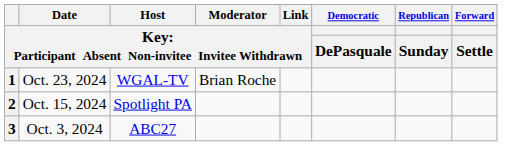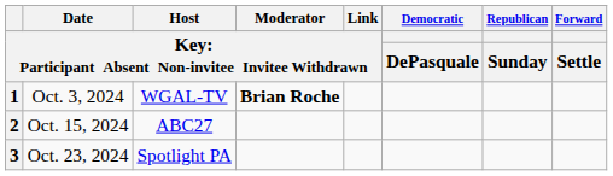 <table class="wikitable" style="text-align:center;">
 <tr style="font-size:small;">
 <th scope="col"></th>
 <th scope="col">Date</th>
 <th scope="col">Host</th>
 <th scope="col">Moderator</th>
 <th scope="col">Link</th>
 <th scope="col"><small><a href='#'>Democratic</a></small></th>
 <th scope="col"><small><a href='#'>Republican</a></small></th>
 <th scope-"col"><small><a href='#'>Forward</a></small></th>
 </tr>
 <tr>
 <th colspan="5" rowspan="2">Key:<br> <small>Participant </small>  <small>Absent </small>  <small>Non-invitee </small>  <small>Invitee  Withdrawn</small></th>
 <th scope="col" style="background:"></th>
 <th scope="col" style="background:"></th>
 <th scope="col" style="background:"></th>
 </tr>
 <tr>
 <th scope="col">DePasquale</th>
 <th scope="col">Sunday</th>
 <th scope="col">Settle</th>
 </tr>
 <tr>
 <th scope="row">1</th>
-<td style="white-space:nowrap;">Oct. 23, 2024</td>
+<td style="white-space:nowrap;">Oct. 3, 2024</td>
 <td style="white-space:nowrap;"><a href='#'>WGAL-TV</a></td>
-<td style="white-space:nowrap;">Brian Roche</td>
+<td style="white-space:nowrap;"><strong>Brian Roche</strong></td>
 <td style="white-space:nowrap;"></td>
 <td></td>
 <td></td>
 <td></td>
 </tr>
 <tr>
 <th scope="row">2</th>
 <td style="white-space:nowrap;">Oct. 15, 2024</td>
-<td style="white-space:nowrap;"><a href='#'>Spotlight PA</a></td>
+<td style="white-space:nowrap;"><a href='#'>ABC27</a></td>
 <td style="white-space:nowrap;"></td>
 <td style="white-space:nowrap;"></td>
 <td></td>
 <td></td>
 <td></td>
 </tr>
 <tr>
 <th scope="row">3</th>
-<td style="white-space:nowrap;">Oct. 3, 2024</td>
-<td style="white-space:nowrap;"><a href='#'>ABC27</a></td>
+<td style="white-space:nowrap;">Oct. 23, 2024</td>
+<td style="white-space:nowrap;"><a href='#'>Spotlight PA</a></td>
 <td style="white-space:nowrap;"></td>
 <td style="white-space:nowrap;"></td>
 <td></td>
 <td></td>
 <td></td>
 </tr>
 </table>
